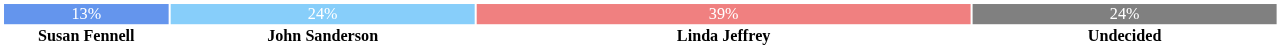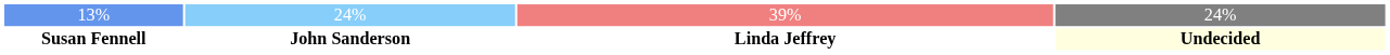 <table style="width:100%; text-align:center;">
 <tr style="color:white;">
 <td style="background:cornflowerblue; width:13%;">13%</td>
 <td style="background:lightskyblue; width:24%;">24%</td>
 <td style="background:lightcoral; width:39%;">39%</td>
 <td style="background:gray; width:24%;">24%</td>
 </tr>
 <tr>
 <td><span><strong>Susan Fennell</strong></span></td>
 <td><span><strong>John Sanderson</strong></span></td>
 <td><span><strong>Linda Jeffrey</strong></span></td>
-<td><span><strong>Undecided</strong></span></td>
+<td style="background: lightyellow;"><span><strong>Undecided</strong></span></td>
 </tr>
 </table>
